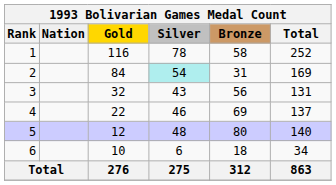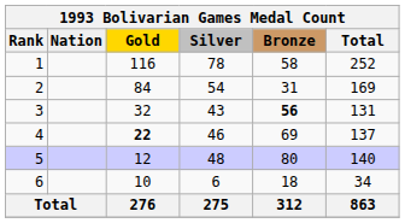 <table class="wikitable" border="2" style="text-align:center">
 <tr>
 <th colspan=6>1993 Bolivarian Games Medal Count</th>
 </tr>
 <tr bgcolor="#efefef">
 <th>Rank</th>
 <td align=left><strong>Nation</strong></td>
 <td bgcolor="gold" align=center width=60><strong>Gold</strong></td>
 <td bgcolor="silver" align=center width=60><strong>Silver</strong></td>
 <td bgcolor="CC9966" align=center width=60><strong>Bronze</strong></td>
 <th width=60>Total</th>
 </tr>
 <tr>
 <td align=right>1</td>
 <td align=left></td>
 <td>116</td>
 <td>78</td>
 <td>58</td>
 <td>252</td>
 </tr>
 <tr>
 <td align=right>2</td>
 <td align=left></td>
 <td>84</td>
-<td style="background: paleturquoise;">54</td>
+<td>54</td>
 <td>31</td>
 <td>169</td>
 </tr>
 <tr>
 <td align=right>3</td>
 <td align=left></td>
 <td>32</td>
 <td>43</td>
-<td>56</td>
+<td><strong>56</strong></td>
 <td>131</td>
 </tr>
 <tr>
 <td align=right>4</td>
 <td align=left></td>
-<td>22</td>
+<td><strong>22</strong></td>
 <td>46</td>
 <td>69</td>
 <td>137</td>
 </tr>
 <tr style="background:#ccccff">
 <td align=right>5</td>
 <td align=left></td>
 <td>12</td>
 <td>48</td>
 <td>80</td>
 <td>140</td>
 </tr>
 <tr>
 <td align=right>6</td>
 <td align=left></td>
 <td>10</td>
 <td>6</td>
 <td>18</td>
 <td>34</td>
 </tr>
 <tr>
 <th colspan="2">Total</th>
 <th>276</th>
 <th>275</th>
 <th>312</th>
 <th>863</th>
 </tr>
 <tr>
 </tr>
 </table>
